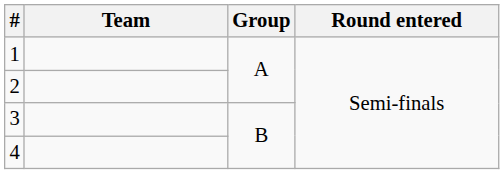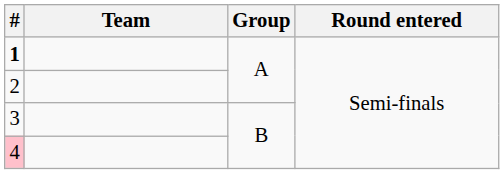 <table class="wikitable" style="text-align: center; font-size: 100%;">
 <tr>
 <th>#</th>
 <th width=150>Team</th>
 <th>Group</th>
 <th width=150>Round entered</th>
 </tr>
 <tr>
-<td>1</td>
+<td><strong>1</strong></td>
 <td align=left></td>
 <td rowspan=2>A</td>
 <td rowspan=4>Semi-finals</td>
 </tr>
 <tr>
 <td>2</td>
 <td align=left></td>
 </tr>
 <tr>
 <td>3</td>
 <td align=left></td>
 <td rowspan=2>B</td>
 </tr>
 <tr>
-<td>4</td>
+<td style="background: pink;">4</td>
 <td align=left></td>
 </tr>
 </table>
